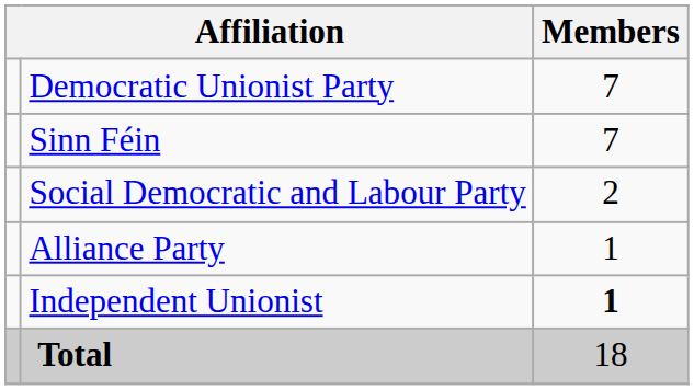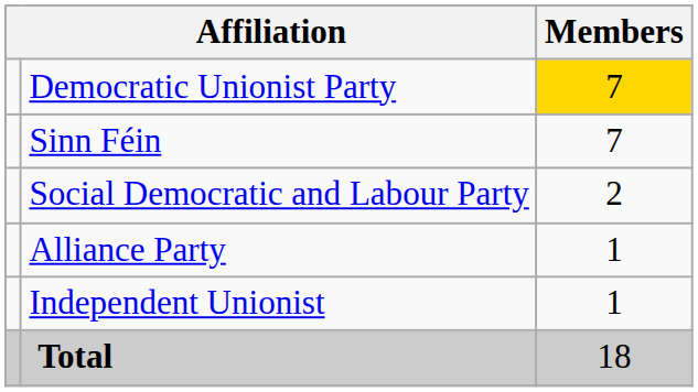 <table class="wikitable">
 <tr>
 <th colspan="2">Affiliation</th>
 <th>Members</th>
 </tr>
 <tr>
 <td></td>
 <td><a href='#'>Democratic Unionist Party</a></td>
-<td style="text-align:center;">7</td>
+<td style="background: gold; text-align:center;">7</td>
 </tr>
 <tr>
 <td></td>
 <td><a href='#'>Sinn Féin</a></td>
 <td style="text-align:center;">7</td>
 </tr>
 <tr>
 <td></td>
 <td><a href='#'>Social Democratic and Labour Party</a></td>
 <td style="text-align:center;">2</td>
 </tr>
 <tr>
 <td></td>
 <td><a href='#'>Alliance Party</a></td>
 <td style="text-align:center;">1</td>
 </tr>
 <tr>
 <td></td>
 <td><a href='#'>Independent Unionist</a></td>
-<td style="text-align:center;"><strong>1</strong></td>
+<td style="text-align:center;">1</td>
 </tr>
 <tr bgcolor="CCCCCC">
 <td></td>
 <td> <strong>Total</strong></td>
 <td style="text-align:center;">18</td>
 </tr>
 <tr>
 </tr>
 </table>
